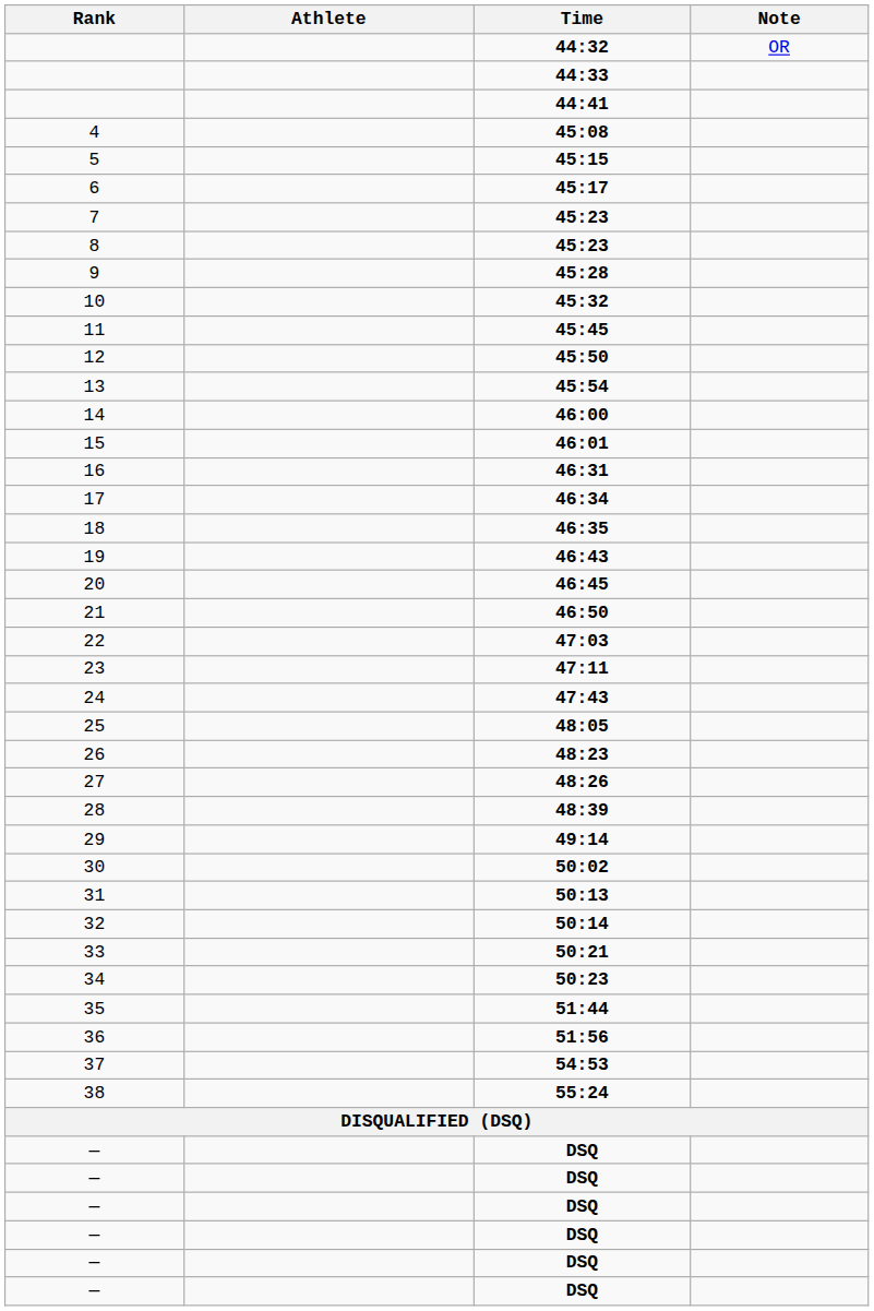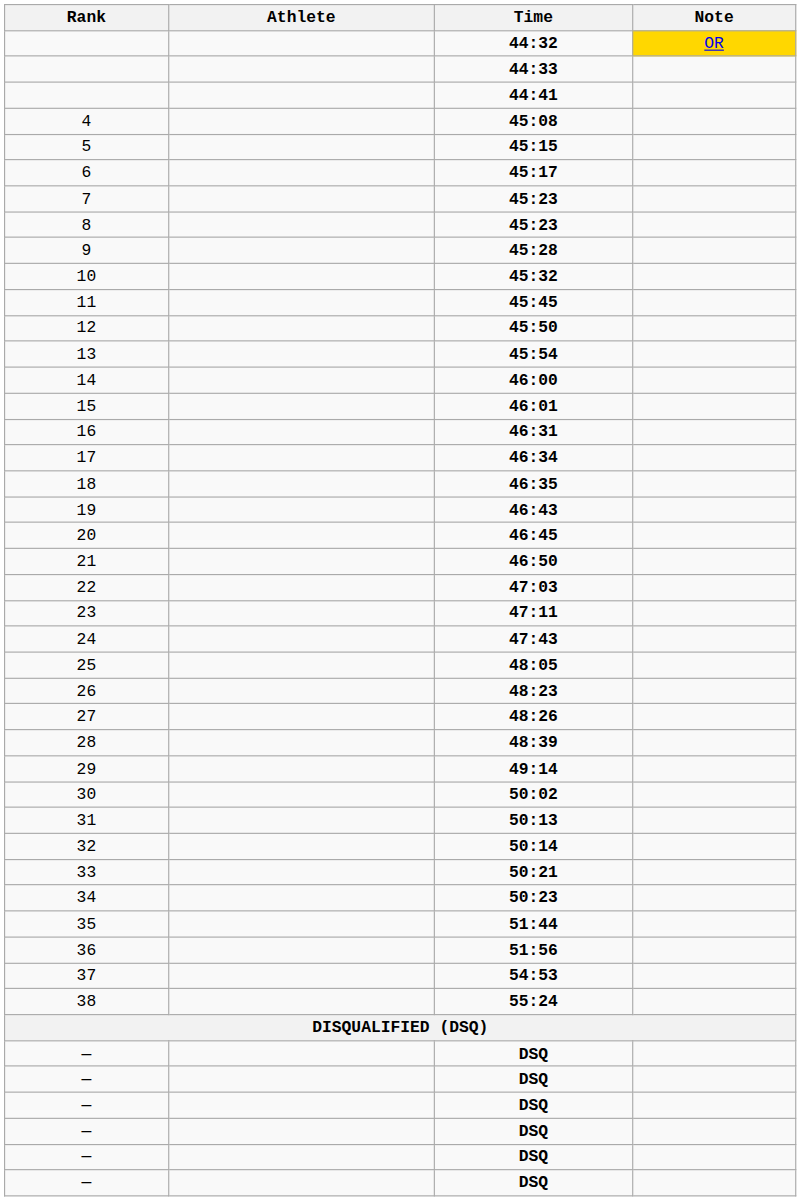 <table class="wikitable" style=" text-align:center; font-size:110%;" width="55%">
 <tr>
 <th>Rank</th>
 <th>Athlete</th>
 <th>Time</th>
 <th>Note</th>
 </tr>
 <tr>
 <td></td>
 <td align=left></td>
 <td><strong>44:32</strong></td>
-<td><a href='#'>OR</a></td>
+<td style="background: gold;"><a href='#'>OR</a></td>
 </tr>
 <tr>
 <td></td>
 <td align=left></td>
 <td><strong>44:33</strong></td>
 <td></td>
 </tr>
 <tr>
 <td></td>
 <td align=left></td>
 <td><strong>44:41</strong></td>
 <td></td>
 </tr>
 <tr>
 <td>4</td>
 <td align=left></td>
 <td><strong>45:08</strong></td>
 <td></td>
 </tr>
 <tr>
 <td>5</td>
 <td align=left></td>
 <td><strong>45:15</strong></td>
 <td></td>
 </tr>
 <tr>
 <td>6</td>
 <td align=left></td>
 <td><strong>45:17</strong></td>
 <td></td>
 </tr>
 <tr>
 <td>7</td>
 <td align=left></td>
 <td><strong>45:23</strong></td>
 <td></td>
 </tr>
 <tr>
 <td>8</td>
 <td align=left></td>
 <td><strong>45:23</strong></td>
 <td></td>
 </tr>
 <tr>
 <td>9</td>
 <td align=left></td>
 <td><strong>45:28</strong></td>
 <td></td>
 </tr>
 <tr>
 <td>10</td>
 <td align=left></td>
 <td><strong>45:32</strong></td>
 <td></td>
 </tr>
 <tr>
 <td>11</td>
 <td align=left></td>
 <td><strong>45:45</strong></td>
 <td></td>
 </tr>
 <tr>
 <td>12</td>
 <td align=left></td>
 <td><strong>45:50</strong></td>
 <td></td>
 </tr>
 <tr>
 <td>13</td>
 <td align=left></td>
 <td><strong>45:54</strong></td>
 <td></td>
 </tr>
 <tr>
 <td>14</td>
 <td align=left></td>
 <td><strong>46:00</strong></td>
 <td></td>
 </tr>
 <tr>
 <td>15</td>
 <td align=left></td>
 <td><strong>46:01</strong></td>
 <td></td>
 </tr>
 <tr>
 <td>16</td>
 <td align=left></td>
 <td><strong>46:31</strong></td>
 <td></td>
 </tr>
 <tr>
 <td>17</td>
 <td align=left></td>
 <td><strong>46:34</strong></td>
 <td></td>
 </tr>
 <tr>
 <td>18</td>
 <td align=left></td>
 <td><strong>46:35</strong></td>
 <td></td>
 </tr>
 <tr>
 <td>19</td>
 <td align=left></td>
 <td><strong>46:43</strong></td>
 <td></td>
 </tr>
 <tr>
 <td>20</td>
 <td align=left></td>
 <td><strong>46:45</strong></td>
 <td></td>
 </tr>
 <tr>
 <td>21</td>
 <td align=left></td>
 <td><strong>46:50</strong></td>
 <td></td>
 </tr>
 <tr>
 <td>22</td>
 <td align=left></td>
 <td><strong>47:03</strong></td>
 <td></td>
 </tr>
 <tr>
 <td>23</td>
 <td align=left></td>
 <td><strong>47:11</strong></td>
 <td></td>
 </tr>
 <tr>
 <td>24</td>
 <td align=left></td>
 <td><strong>47:43</strong></td>
 <td></td>
 </tr>
 <tr>
 <td>25</td>
 <td align=left></td>
 <td><strong>48:05</strong></td>
 <td></td>
 </tr>
 <tr>
 <td>26</td>
 <td align=left></td>
 <td><strong>48:23</strong></td>
 <td></td>
 </tr>
 <tr>
 <td>27</td>
 <td align=left></td>
 <td><strong>48:26</strong></td>
 <td></td>
 </tr>
 <tr>
 <td>28</td>
 <td align=left></td>
 <td><strong>48:39</strong></td>
 <td></td>
 </tr>
 <tr>
 <td>29</td>
 <td align=left></td>
 <td><strong>49:14</strong></td>
 <td></td>
 </tr>
 <tr>
 <td>30</td>
 <td align=left></td>
 <td><strong>50:02</strong></td>
 <td></td>
 </tr>
 <tr>
 <td>31</td>
 <td align=left></td>
 <td><strong>50:13</strong></td>
 <td></td>
 </tr>
 <tr>
 <td>32</td>
 <td align=left></td>
 <td><strong>50:14</strong></td>
 <td></td>
 </tr>
 <tr>
 <td>33</td>
 <td align=left></td>
 <td><strong>50:21</strong></td>
 <td></td>
 </tr>
 <tr>
 <td>34</td>
 <td align=left></td>
 <td><strong>50:23</strong></td>
 <td></td>
 </tr>
 <tr>
 <td>35</td>
 <td align=left></td>
 <td><strong>51:44</strong></td>
 <td></td>
 </tr>
 <tr>
 <td>36</td>
 <td align=left></td>
 <td><strong>51:56</strong></td>
 <td></td>
 </tr>
 <tr>
 <td>37</td>
 <td align=left></td>
 <td><strong>54:53</strong></td>
 <td></td>
 </tr>
 <tr>
 <td>38</td>
 <td align=left></td>
 <td><strong>55:24</strong></td>
 <td></td>
 </tr>
 <tr>
 <th colspan="4">DISQUALIFIED (DSQ)</th>
 </tr>
 <tr>
 <td>—</td>
 <td align=left></td>
 <td><strong>DSQ</strong></td>
 <td></td>
 </tr>
 <tr>
 <td>—</td>
 <td align=left></td>
 <td><strong>DSQ</strong></td>
 <td></td>
 </tr>
 <tr>
 <td>—</td>
 <td align=left></td>
 <td><strong>DSQ</strong></td>
 <td></td>
 </tr>
 <tr>
 <td>—</td>
 <td align=left></td>
 <td><strong>DSQ</strong></td>
 <td></td>
 </tr>
 <tr>
 <td>—</td>
 <td align=left></td>
 <td><strong>DSQ</strong></td>
 <td></td>
 </tr>
 <tr>
 <td>—</td>
 <td align=left></td>
 <td><strong>DSQ</strong></td>
 <td></td>
 </tr>
 </table>
